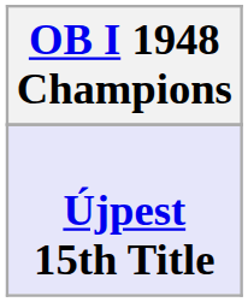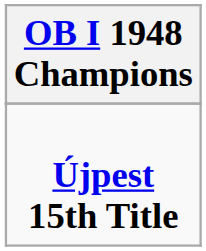 <table class="wikitable" style="text-align: center; margin: 0 auto;">
 <tr>
 <th><a href='#'>OB I</a> 1948<br>Champions</th>
 </tr>
 <tr>
 </tr>
 <tr>
-<td style="background: lavender;"> <br><strong><a href='#'>Újpest</a></strong><br><strong>15th Title</strong></td>
+<td> <br><strong><a href='#'>Újpest</a></strong><br><strong>15th Title</strong></td>
 </tr>
 </table>
